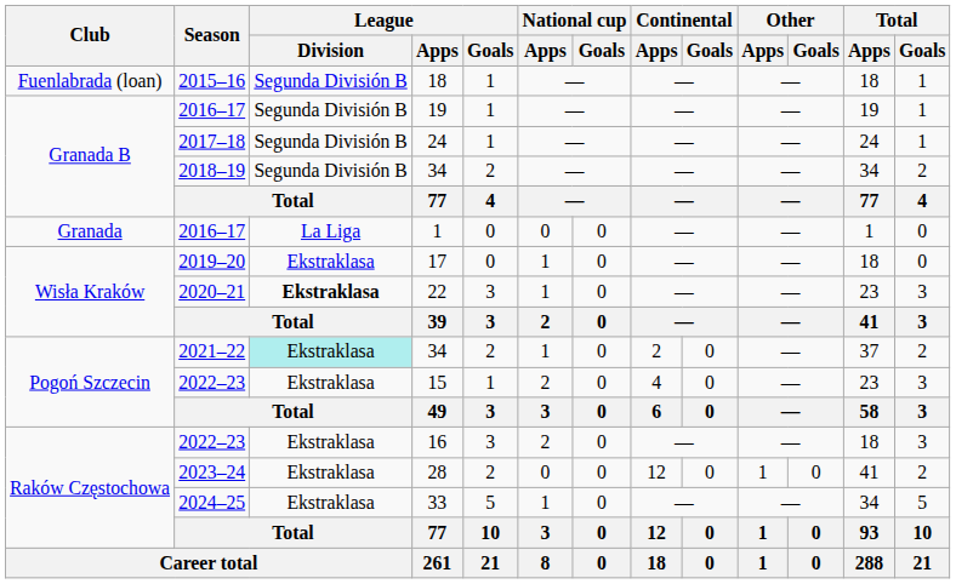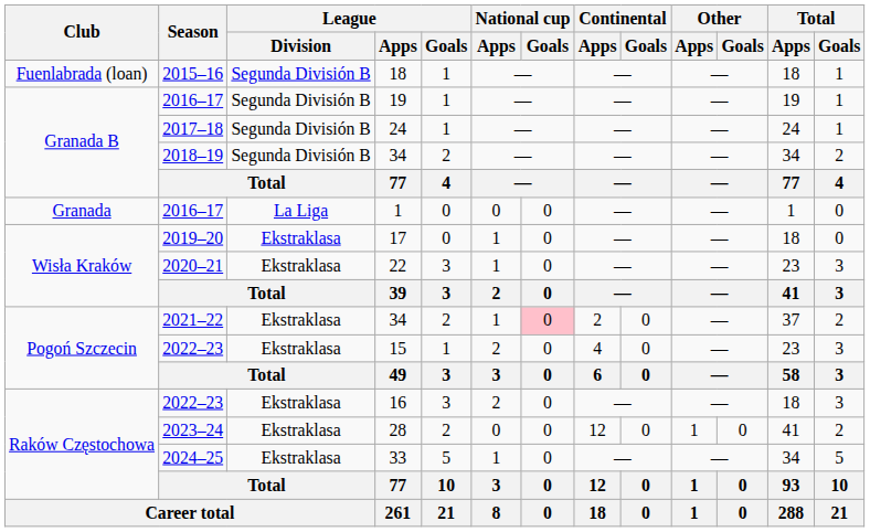 <table class="wikitable" style="text-align: center;">
 <tr>
 <th rowspan="2">Club</th>
 <th rowspan="2">Season</th>
 <th colspan="3">League</th>
 <th colspan="2">National cup</th>
 <th colspan="2">Continental</th>
 <th colspan="2">Other</th>
 <th colspan="2">Total</th>
 </tr>
 <tr>
 <th>Division</th>
 <th>Apps</th>
 <th>Goals</th>
 <th>Apps</th>
 <th>Goals</th>
 <th>Apps</th>
 <th>Goals</th>
 <th>Apps</th>
 <th>Goals</th>
 <th>Apps</th>
 <th>Goals</th>
 </tr>
 <tr>
 <td><a href='#'>Fuenlabrada</a> (loan)</td>
 <td><a href='#'>2015–16</a></td>
 <td><a href='#'>Segunda División B</a></td>
 <td>18</td>
 <td>1</td>
 <td colspan="2">—</td>
 <td colspan="2">—</td>
 <td colspan="2">—</td>
 <td>18</td>
 <td>1</td>
 </tr>
 <tr>
 <td rowspan="4"><a href='#'>Granada B</a></td>
 <td><a href='#'>2016–17</a></td>
 <td>Segunda División B</td>
 <td>19</td>
 <td>1</td>
 <td colspan="2">—</td>
 <td colspan="2">—</td>
 <td colspan="2">—</td>
 <td>19</td>
 <td>1</td>
 </tr>
 <tr>
 <td><a href='#'>2017–18</a></td>
 <td>Segunda División B</td>
 <td>24</td>
 <td>1</td>
 <td colspan="2">—</td>
 <td colspan="2">—</td>
 <td colspan="2">—</td>
 <td>24</td>
 <td>1</td>
 </tr>
 <tr>
 <td><a href='#'>2018–19</a></td>
 <td>Segunda División B</td>
 <td>34</td>
 <td>2</td>
 <td colspan="2">—</td>
 <td colspan="2">—</td>
 <td colspan="2">—</td>
 <td>34</td>
 <td>2</td>
 </tr>
 <tr>
 <th colspan="2">Total</th>
 <th>77</th>
 <th>4</th>
 <th colspan="2">—</th>
 <th colspan="2">—</th>
 <th colspan="2">—</th>
 <th>77</th>
 <th>4</th>
 </tr>
 <tr>
 <td><a href='#'>Granada</a></td>
 <td><a href='#'>2016–17</a></td>
 <td><a href='#'>La Liga</a></td>
 <td>1</td>
 <td>0</td>
 <td>0</td>
 <td>0</td>
 <td colspan="2">—</td>
 <td colspan="2">—</td>
 <td>1</td>
 <td>0</td>
 </tr>
 <tr>
 <td rowspan="3"><a href='#'>Wisła Kraków</a></td>
 <td><a href='#'>2019–20</a></td>
 <td><a href='#'>Ekstraklasa</a></td>
 <td>17</td>
 <td>0</td>
 <td>1</td>
 <td>0</td>
 <td colspan="2">—</td>
 <td colspan="2">—</td>
 <td>18</td>
 <td>0</td>
 </tr>
 <tr>
 <td><a href='#'>2020–21</a></td>
-<td><strong>Ekstraklasa</strong></td>
+<td>Ekstraklasa</td>
 <td>22</td>
 <td>3</td>
 <td>1</td>
 <td>0</td>
 <td colspan="2">—</td>
 <td colspan="2">—</td>
 <td>23</td>
 <td>3</td>
 </tr>
 <tr>
 <th colspan="2">Total</th>
 <th>39</th>
 <th>3</th>
 <th>2</th>
 <th>0</th>
 <th colspan="2">—</th>
 <th colspan="2">—</th>
 <th>41</th>
 <th>3</th>
 </tr>
 <tr>
 <td rowspan="3"><a href='#'>Pogoń Szczecin</a></td>
 <td><a href='#'>2021–22</a></td>
-<td style="background: paleturquoise;">Ekstraklasa</td>
+<td>Ekstraklasa</td>
 <td>34</td>
 <td>2</td>
 <td>1</td>
-<td>0</td>
+<td style="background: pink;">0</td>
 <td>2</td>
 <td>0</td>
 <td colspan="2">—</td>
 <td>37</td>
 <td>2</td>
 </tr>
 <tr>
 <td><a href='#'>2022–23</a></td>
 <td>Ekstraklasa</td>
 <td>15</td>
 <td>1</td>
 <td>2</td>
 <td>0</td>
 <td>4</td>
 <td>0</td>
 <td colspan="2">—</td>
 <td>23</td>
 <td>3</td>
 </tr>
 <tr>
 <th colspan="2">Total</th>
 <th>49</th>
 <th>3</th>
 <th>3</th>
 <th>0</th>
 <th>6</th>
 <th>0</th>
 <th colspan="2">—</th>
 <th>58</th>
 <th>3</th>
 </tr>
 <tr>
 <td rowspan="4"><a href='#'>Raków Częstochowa</a></td>
 <td><a href='#'>2022–23</a></td>
 <td>Ekstraklasa</td>
 <td>16</td>
 <td>3</td>
 <td>2</td>
 <td>0</td>
 <td colspan="2">—</td>
 <td colspan="2">—</td>
 <td>18</td>
 <td>3</td>
 </tr>
 <tr>
 <td><a href='#'>2023–24</a></td>
 <td>Ekstraklasa</td>
 <td>28</td>
 <td>2</td>
 <td>0</td>
 <td>0</td>
 <td>12</td>
 <td>0</td>
 <td>1</td>
 <td>0</td>
 <td>41</td>
 <td>2</td>
 </tr>
 <tr>
 <td><a href='#'>2024–25</a></td>
 <td>Ekstraklasa</td>
 <td>33</td>
 <td>5</td>
 <td>1</td>
 <td>0</td>
 <td colspan="2">—</td>
 <td colspan="2">—</td>
 <td>34</td>
 <td>5</td>
 </tr>
 <tr>
 <th colspan="2">Total</th>
 <th>77</th>
 <th>10</th>
 <th>3</th>
 <th>0</th>
 <th>12</th>
 <th>0</th>
 <th>1</th>
 <th>0</th>
 <th>93</th>
 <th>10</th>
 </tr>
 <tr>
 <th colspan="3">Career total</th>
 <th>261</th>
 <th>21</th>
 <th>8</th>
 <th>0</th>
 <th>18</th>
 <th>0</th>
 <th>1</th>
 <th>0</th>
 <th>288</th>
 <th>21</th>
 </tr>
 </table>
